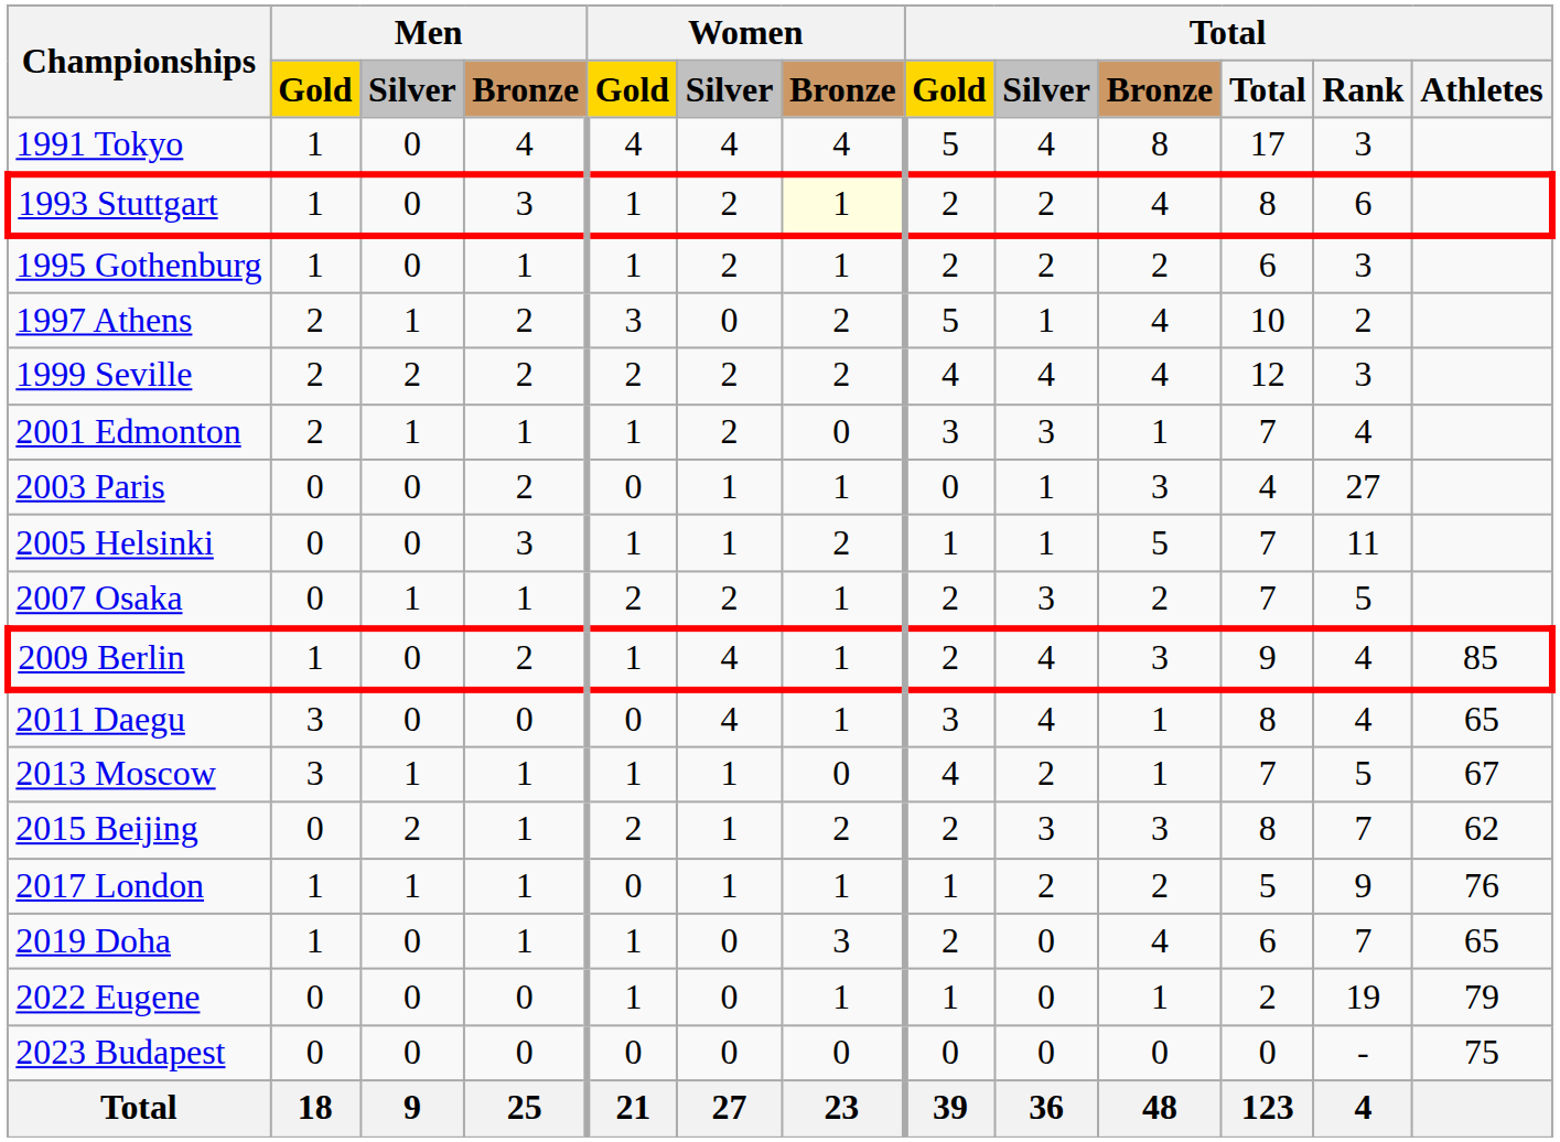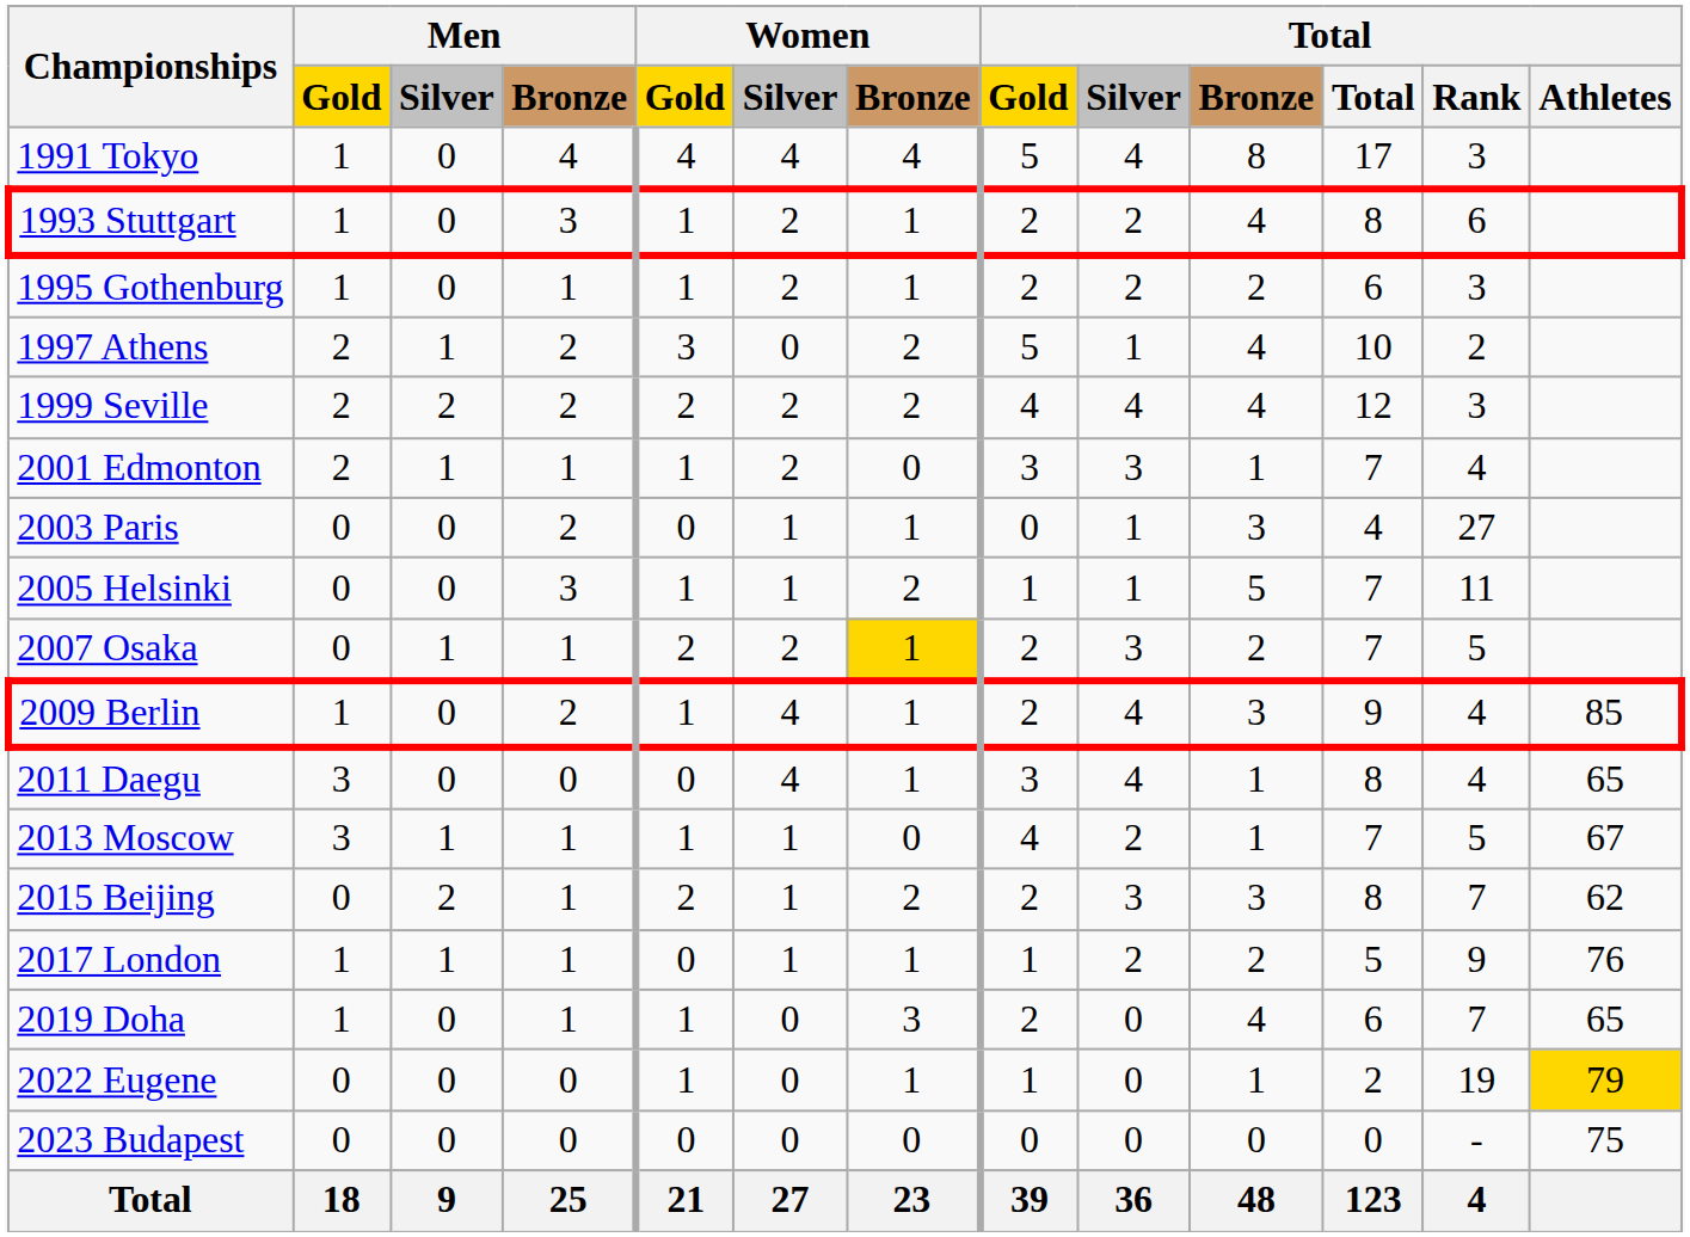 <table class="wikitable" style="text-align:center">
 <tr>
 <th rowspan="2">Championships</th>
 <th colspan="3">Men</th>
 <th colspan="3">Women</th>
 <th colspan="6">Total</th>
 </tr>
 <tr>
 <th style="background-color: gold;">Gold</th>
 <th style="background-color: silver;">Silver</th>
 <th style="background-color: #cc9966;">Bronze</th>
 <th style="background-color: gold;">Gold</th>
 <th style="background-color: silver;">Silver</th>
 <th style="background-color: #cc9966;">Bronze</th>
 <th style="background-color: gold;">Gold</th>
 <th style="background-color: silver;">Silver</th>
 <th style="background-color: #cc9966;">Bronze</th>
 <th>Total</th>
 <th>Rank</th>
 <th>Athletes</th>
 </tr>
 <tr>
 <td align="left"><a href='#'>1991 Tokyo</a></td>
 <td>1</td>
 <td>0</td>
 <td>4</td>
 <td style="border-left-width: 3px;">4</td>
 <td>4</td>
 <td>4</td>
 <td style="border-left-width: 3px;">5</td>
 <td>4</td>
 <td>8</td>
 <td>17</td>
 <td>3</td>
 <td></td>
 </tr>
 <tr style="border: 3px solid red">
 <td align="left"><a href='#'>1993 Stuttgart</a></td>
 <td>1</td>
 <td>0</td>
 <td>3</td>
 <td style="border-left-width: 3px;">1</td>
 <td>2</td>
-<td style="background: lightyellow;">1</td>
+<td>1</td>
 <td style="border-left-width: 3px;">2</td>
 <td>2</td>
 <td>4</td>
 <td>8</td>
 <td>6</td>
 <td></td>
 </tr>
 <tr>
 <td align="left"><a href='#'>1995 Gothenburg</a></td>
 <td>1</td>
 <td>0</td>
 <td>1</td>
 <td style="border-left-width: 3px;">1</td>
 <td>2</td>
 <td>1</td>
 <td style="border-left-width: 3px;">2</td>
 <td>2</td>
 <td>2</td>
 <td>6</td>
 <td>3</td>
 <td></td>
 </tr>
 <tr>
 <td align="left"><a href='#'>1997 Athens</a></td>
 <td>2</td>
 <td>1</td>
 <td>2</td>
 <td style="border-left-width: 3px;">3</td>
 <td>0</td>
 <td>2</td>
 <td style="border-left-width: 3px;">5</td>
 <td>1</td>
 <td>4</td>
 <td>10</td>
 <td>2</td>
 <td></td>
 </tr>
 <tr>
 <td align="left"><a href='#'>1999 Seville</a></td>
 <td>2</td>
 <td>2</td>
 <td>2</td>
 <td style="border-left-width: 3px;">2</td>
 <td>2</td>
 <td>2</td>
 <td style="border-left-width: 3px;">4</td>
 <td>4</td>
 <td>4</td>
 <td>12</td>
 <td>3</td>
 <td></td>
 </tr>
 <tr>
 <td align="left"><a href='#'>2001 Edmonton</a></td>
 <td>2</td>
 <td>1</td>
 <td>1</td>
 <td style="border-left-width: 3px;">1</td>
 <td>2</td>
 <td>0</td>
 <td style="border-left-width: 3px;">3</td>
 <td>3</td>
 <td>1</td>
 <td>7</td>
 <td>4</td>
 <td></td>
 </tr>
 <tr>
 <td align="left"><a href='#'>2003 Paris</a></td>
 <td>0</td>
 <td>0</td>
 <td>2</td>
 <td style="border-left-width: 3px;">0</td>
 <td>1</td>
 <td>1</td>
 <td style="border-left-width: 3px;">0</td>
 <td>1</td>
 <td>3</td>
 <td>4</td>
 <td>27</td>
 <td></td>
 </tr>
 <tr>
 <td align="left"><a href='#'>2005 Helsinki</a></td>
 <td>0</td>
 <td>0</td>
 <td>3</td>
 <td style="border-left-width: 3px;">1</td>
 <td>1</td>
 <td>2</td>
 <td style="border-left-width: 3px;">1</td>
 <td>1</td>
 <td>5</td>
 <td>7</td>
 <td>11</td>
 <td></td>
 </tr>
 <tr>
 <td align="left"><a href='#'>2007 Osaka</a></td>
 <td>0</td>
 <td>1</td>
 <td>1</td>
 <td style="border-left-width: 3px;">2</td>
 <td>2</td>
-<td>1</td>
+<td style="background: gold;">1</td>
 <td style="border-left-width: 3px;">2</td>
 <td>3</td>
 <td>2</td>
 <td>7</td>
 <td>5</td>
 <td></td>
 </tr>
 <tr style="border: 3px solid red">
 <td align="left"><a href='#'>2009 Berlin</a></td>
 <td>1</td>
 <td>0</td>
 <td>2</td>
 <td style="border-left-width: 3px;">1</td>
 <td>4</td>
 <td>1</td>
 <td style="border-left-width: 3px;">2</td>
 <td>4</td>
 <td>3</td>
 <td>9</td>
 <td>4</td>
 <td>85</td>
 </tr>
 <tr>
 <td align="left"><a href='#'>2011 Daegu</a></td>
 <td>3</td>
 <td>0</td>
 <td>0</td>
 <td style="border-left-width: 3px;">0</td>
 <td>4</td>
 <td>1</td>
 <td style="border-left-width: 3px;">3</td>
 <td>4</td>
 <td>1</td>
 <td>8</td>
 <td>4</td>
 <td>65</td>
 </tr>
 <tr>
 <td align="left"><a href='#'>2013 Moscow</a></td>
 <td>3</td>
 <td>1</td>
 <td>1</td>
 <td style="border-left-width: 3px;">1</td>
 <td>1</td>
 <td>0</td>
 <td style="border-left-width: 3px;">4</td>
 <td>2</td>
 <td>1</td>
 <td>7</td>
 <td>5</td>
 <td>67</td>
 </tr>
 <tr>
 <td align="left"><a href='#'>2015 Beijing</a></td>
 <td>0</td>
 <td>2</td>
 <td>1</td>
 <td style="border-left-width: 3px;">2</td>
 <td>1</td>
 <td>2</td>
 <td style="border-left-width: 3px;">2</td>
 <td>3</td>
 <td>3</td>
 <td>8</td>
 <td>7</td>
 <td>62</td>
 </tr>
 <tr>
 <td align="left"><a href='#'>2017 London</a></td>
 <td>1</td>
 <td>1</td>
 <td>1</td>
 <td style="border-left-width: 3px;">0</td>
 <td>1</td>
 <td>1</td>
 <td style="border-left-width: 3px;">1</td>
 <td>2</td>
 <td>2</td>
 <td>5</td>
 <td>9</td>
 <td>76</td>
 </tr>
 <tr>
 <td align="left"><a href='#'>2019 Doha</a></td>
 <td>1</td>
 <td>0</td>
 <td>1</td>
 <td style="border-left-width: 3px;">1</td>
 <td>0</td>
 <td>3</td>
 <td style="border-left-width: 3px;">2</td>
 <td>0</td>
 <td>4</td>
 <td>6</td>
 <td>7</td>
 <td>65</td>
 </tr>
 <tr>
 <td align="left"><a href='#'>2022 Eugene</a></td>
 <td>0</td>
 <td>0</td>
 <td>0</td>
 <td style="border-left-width: 3px;">1</td>
 <td>0</td>
 <td>1</td>
 <td style="border-left-width: 3px;">1</td>
 <td>0</td>
 <td>1</td>
 <td>2</td>
 <td>19</td>
-<td>79</td>
+<td style="background: gold;">79</td>
 </tr>
 <tr>
 <td align="left"><a href='#'>2023 Budapest</a></td>
 <td>0</td>
 <td>0</td>
 <td>0</td>
 <td style="border-left-width: 3px;">0</td>
 <td>0</td>
 <td>0</td>
 <td style="border-left-width: 3px;">0</td>
 <td>0</td>
 <td>0</td>
 <td>0</td>
 <td>-</td>
 <td>75</td>
 </tr>
 <tr>
 <th align="left"><strong>Total</strong></th>
 <th><strong>18</strong></th>
 <th><strong>9</strong></th>
 <th><strong>25</strong></th>
 <th style="border-left-width: 3px;"><strong>21</strong></th>
 <th><strong>27</strong></th>
 <th><strong>23</strong></th>
 <th style="border-left-width: 3px;"><strong>39</strong></th>
 <th><strong>36</strong></th>
 <th><strong>48</strong></th>
 <th><strong>123</strong></th>
 <th><strong>4</strong></th>
 <th></th>
 </tr>
 </table>
